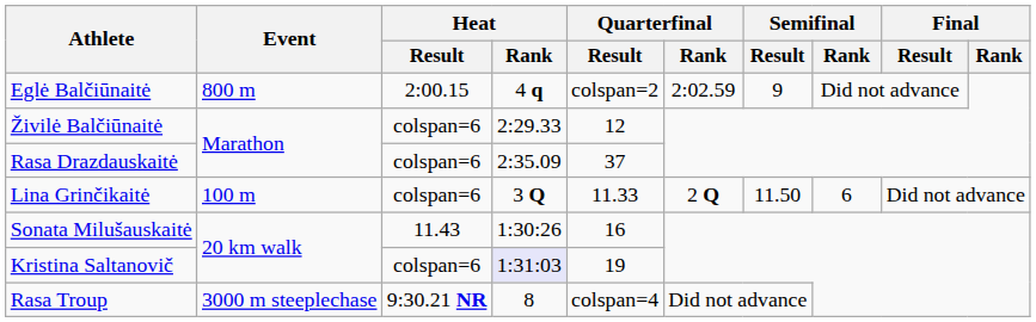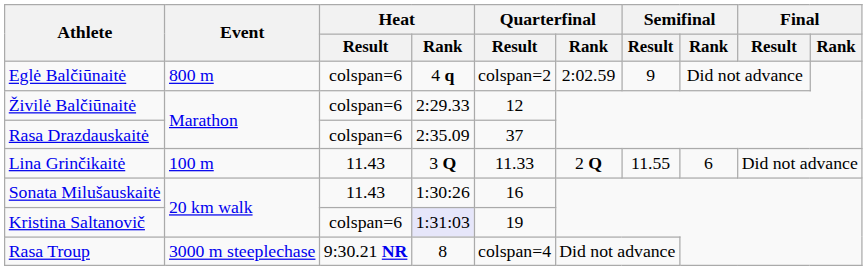 <table class=wikitable style="font-size:90%">
 <tr>
 <th rowspan="2">Athlete</th>
 <th rowspan="2">Event</th>
 <th colspan="2">Heat</th>
 <th colspan="2">Quarterfinal</th>
 <th colspan="2">Semifinal</th>
 <th colspan="2">Final</th>
 </tr>
 <tr style="font-size:95%">
 <th>Result</th>
 <th>Rank</th>
 <th>Result</th>
 <th>Rank</th>
 <th>Result</th>
 <th>Rank</th>
 <th>Result</th>
 <th>Rank</th>
 </tr>
 <tr align=center>
 <td align=left><a href='#'>Eglė Balčiūnaitė</a></td>
 <td align=left><a href='#'>800 m</a></td>
-<td>2:00.15</td>
+<td>colspan=6 </td>
 <td>4 <strong>q</strong></td>
 <td>colspan=2 </td>
 <td>2:02.59</td>
 <td>9</td>
 <td colspan=2>Did not advance</td>
 </tr>
 <tr align=center>
 <td align=left><a href='#'>Živilė Balčiūnaitė</a></td>
 <td align=left rowspan=2><a href='#'>Marathon</a></td>
 <td>colspan=6 </td>
 <td>2:29.33</td>
 <td>12</td>
 </tr>
 <tr align=center>
 <td align=left><a href='#'>Rasa Drazdauskaitė</a></td>
 <td>colspan=6 </td>
 <td>2:35.09</td>
 <td>37</td>
 </tr>
 <tr align=center>
 <td align=left><a href='#'>Lina Grinčikaitė</a></td>
 <td align=left><a href='#'>100 m</a></td>
-<td>colspan=6 </td>
+<td>11.43</td>
 <td>3 <strong>Q</strong></td>
 <td>11.33</td>
 <td>2 <strong>Q</strong></td>
-<td>11.50</td>
+<td>11.55</td>
 <td>6</td>
 <td colspan=2>Did not advance</td>
 </tr>
 <tr align=center>
 <td align=left><a href='#'>Sonata Milušauskaitė</a></td>
 <td align=left rowspan=2><a href='#'>20 km walk</a></td>
 <td>11.43</td>
 <td>1:30:26</td>
 <td>16</td>
 </tr>
 <tr align=center>
 <td align=left><a href='#'>Kristina Saltanovič</a></td>
 <td>colspan=6 </td>
 <td style="background: lavender;">1:31:03</td>
 <td>19</td>
 </tr>
 <tr align=center>
 <td align=left><a href='#'>Rasa Troup</a></td>
 <td align=left><a href='#'>3000 m steeplechase</a></td>
 <td>9:30.21 <strong><a href='#'>NR</a></strong></td>
 <td>8</td>
 <td>colspan=4 </td>
 <td colspan=2>Did not advance</td>
 </tr>
 </table>
